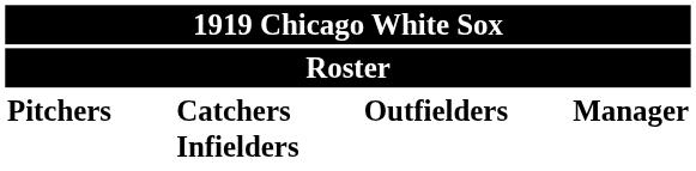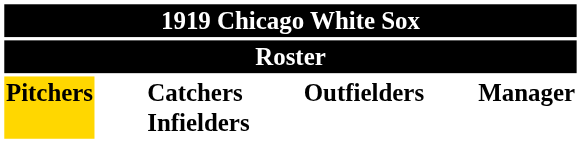 <table class="toccolours" style="font-size: 95%;">
 <tr>
 <th colspan="10" style="background-color: black; color: white; text-align: center;">1919 Chicago White Sox</th>
 </tr>
 <tr>
 <td colspan="10" style="background-color: black; color: white; text-align: center;"><strong>Roster</strong></td>
 </tr>
 <tr>
-<td valign="top"><strong>Pitchers</strong><br>                </td>
+<td valign="top" style="background: gold;"><strong>Pitchers</strong><br>                </td>
 <td width="25px"></td>
 <td valign="top"><strong>Catchers</strong><br>   <strong>Infielders</strong>      </td>
 <td width="25px"></td>
 <td valign="top"><strong>Outfielders</strong><br>    </td>
 <td width="25px"></td>
 <td valign="top"><strong>Manager</strong><br></td>
 </tr>
 </table>
